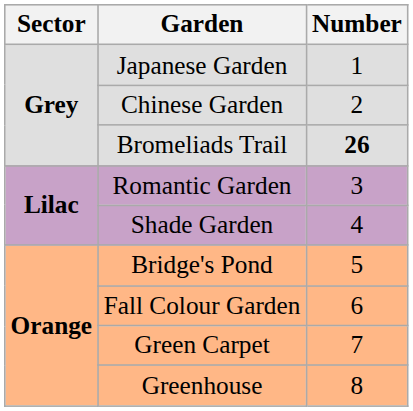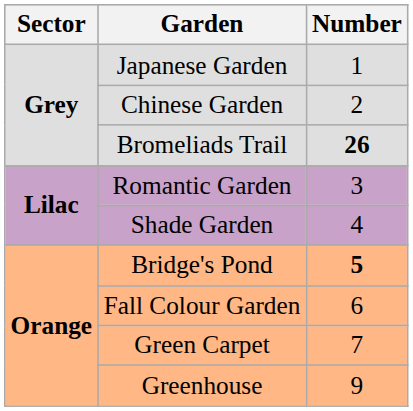 <table class="wikitable" style="text-align:center">
 <tr>
 <th>Sector</th>
 <th>Garden</th>
 <th>Number</th>
 </tr>
 <tr>
 <td style="background:#dfdfdf;" rowspan="3"><strong>Grey</strong></td>
 <td style="background:#dfdfdf;">Japanese Garden</td>
 <td style="background:#dfdfdf;">1</td>
 </tr>
 <tr>
 <td style="background:#dfdfdf;">Chinese Garden</td>
 <td style="background:#dfdfdf;">2</td>
 </tr>
 <tr>
 <td style="background:#dfdfdf;">Bromeliads Trail</td>
 <td style="background:#dfdfdf;"><strong>26</strong></td>
 </tr>
 <tr>
 <td style="background:#c8a2c8;" rowspan="2"><strong>Lilac</strong></td>
 <td style="background:#c8a2c8;">Romantic Garden</td>
 <td style="background:#c8a2c8;">3</td>
 </tr>
 <tr>
 <td style="background:#c8a2c8;">Shade Garden</td>
 <td style="background:#c8a2c8;">4</td>
 </tr>
 <tr>
 <td style="background:#ffb786;" rowspan="4"><strong>Orange</strong></td>
 <td style="background:#ffb786;">Bridge's Pond</td>
-<td style="background:#ffb786;">5</td>
+<td style="background:#ffb786;"><strong>5</strong></td>
 </tr>
 <tr>
 <td style="background:#ffb786;">Fall Colour Garden</td>
 <td style="background:#ffb786;">6</td>
 </tr>
 <tr>
 <td style="background:#ffb786;">Green Carpet</td>
 <td style="background:#ffb786;">7</td>
 </tr>
 <tr>
 <td style="background:#ffb786;">Greenhouse</td>
-<td style="background:#ffb786;">8</td>
+<td style="background:#ffb786;">9</td>
 </tr>
 </table>
